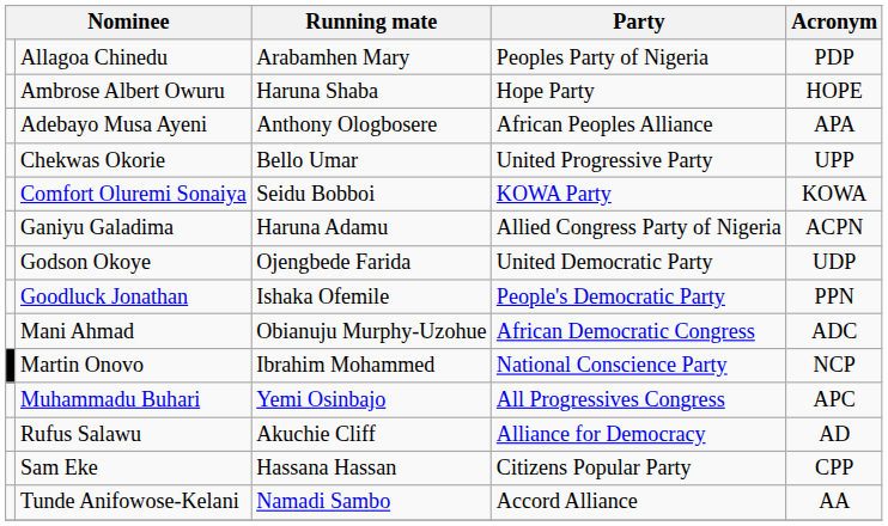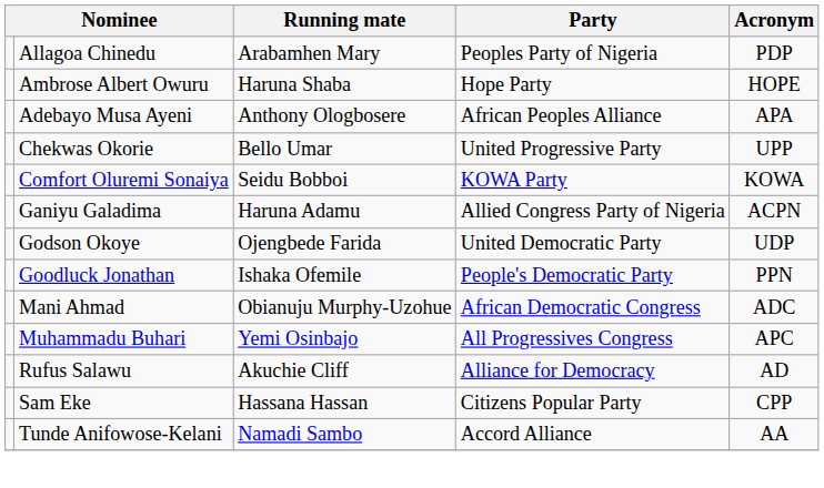 <table class="wikitable sortable">
 <tr>
 <th colspan=2>Nominee</th>
 <th>Running mate</th>
 <th>Party</th>
 <th>Acronym</th>
 </tr>
 <tr>
 <td style="background-color: "></td>
 <td>Allagoa Chinedu</td>
 <td>Arabamhen Mary</td>
 <td>Peoples Party of Nigeria</td>
 <td align=center>PDP</td>
 </tr>
 <tr>
 <td style="background-color: "></td>
 <td>Ambrose Albert Owuru</td>
 <td>Haruna Shaba</td>
 <td>Hope Party</td>
 <td align=center>HOPE</td>
 </tr>
 <tr>
 <td style="background-color: "></td>
 <td>Adebayo Musa Ayeni</td>
 <td>Anthony Ologbosere</td>
 <td>African Peoples Alliance</td>
 <td align=center>APA</td>
 </tr>
 <tr>
 <td style="background-color: "></td>
 <td>Chekwas Okorie</td>
 <td>Bello Umar</td>
 <td>United Progressive Party</td>
 <td align=center>UPP</td>
 </tr>
 <tr>
 <td style="background-color: "></td>
 <td><a href='#'>Comfort Oluremi Sonaiya</a></td>
 <td>Seidu Bobboi</td>
 <td><a href='#'>KOWA Party</a></td>
 <td align=center>KOWA</td>
 </tr>
 <tr>
 <td style="background-color: "></td>
 <td>Ganiyu Galadima</td>
 <td>Haruna Adamu</td>
 <td>Allied Congress Party of Nigeria</td>
 <td align=center>ACPN</td>
 </tr>
 <tr>
 <td style="background-color: "></td>
 <td>Godson Okoye</td>
 <td>Ojengbede Farida</td>
 <td>United Democratic Party</td>
 <td align=center>UDP</td>
 </tr>
 <tr>
 <td style="background-color: "></td>
 <td><a href='#'>Goodluck Jonathan</a></td>
 <td>Ishaka Ofemile</td>
 <td><a href='#'>People's Democratic Party</a></td>
 <td align=center>PPN</td>
 </tr>
 <tr>
 <td style="background-color: "></td>
 <td>Mani Ahmad</td>
 <td>Obianuju Murphy-Uzohue</td>
 <td><a href='#'>African Democratic Congress</a></td>
 <td align=center>ADC</td>
 </tr>
 <tr>
-<td style="background-color:#000000"></td>
-<td>Martin Onovo</td>
-<td>Ibrahim Mohammed</td>
-<td><a href='#'>National Conscience Party</a></td>
-<td align=center>NCP</td>
-</tr>
-<tr>
 <td style="background-color: "></td>
 <td><a href='#'>Muhammadu Buhari</a></td>
 <td><a href='#'>Yemi Osinbajo</a></td>
 <td><a href='#'>All Progressives Congress</a></td>
 <td align=center>APC</td>
 </tr>
 <tr>
 <td style="background-color: "></td>
 <td>Rufus Salawu</td>
 <td>Akuchie Cliff</td>
 <td><a href='#'>Alliance for Democracy</a></td>
 <td align=center>AD</td>
 </tr>
 <tr>
 <td style="background-color: "></td>
 <td>Sam Eke</td>
 <td>Hassana Hassan</td>
 <td>Citizens Popular Party</td>
 <td align=center>CPP</td>
 </tr>
 <tr>
 <td style="background-color: "></td>
 <td>Tunde Anifowose-Kelani</td>
 <td><a href='#'>Namadi Sambo</a></td>
 <td>Accord Alliance</td>
 <td align=center>AA</td>
 </tr>
 <tr>
 </tr>
 </table>
